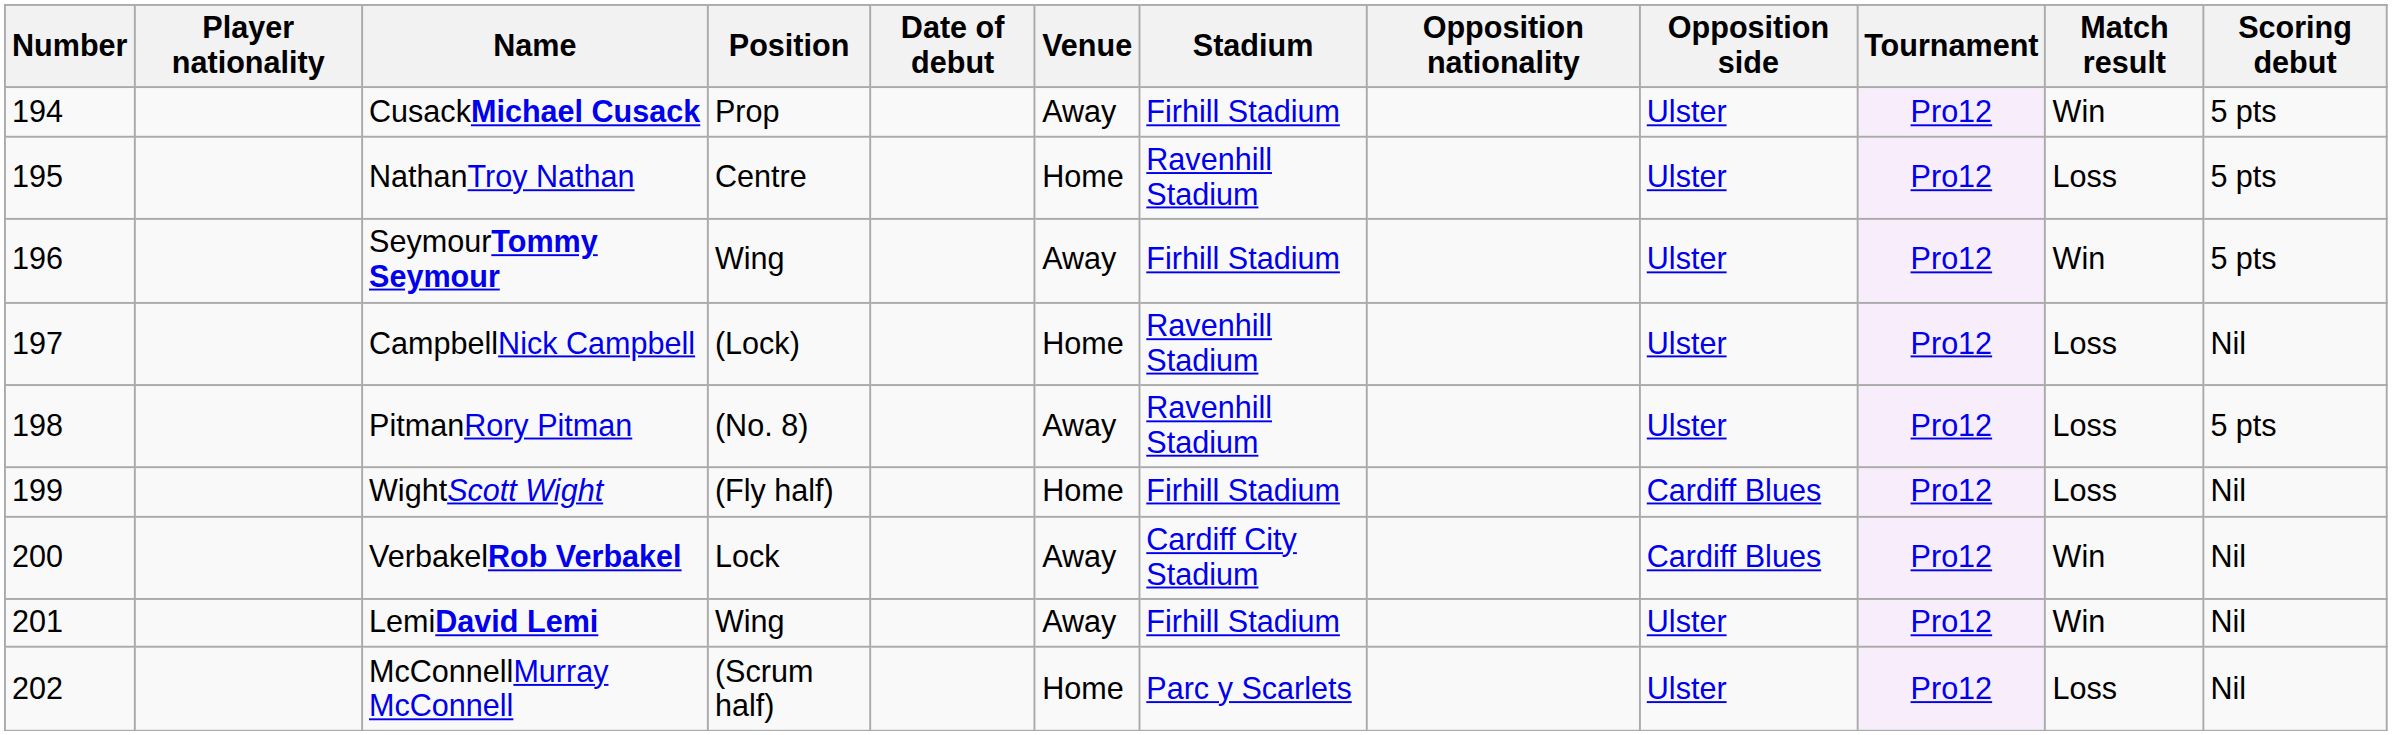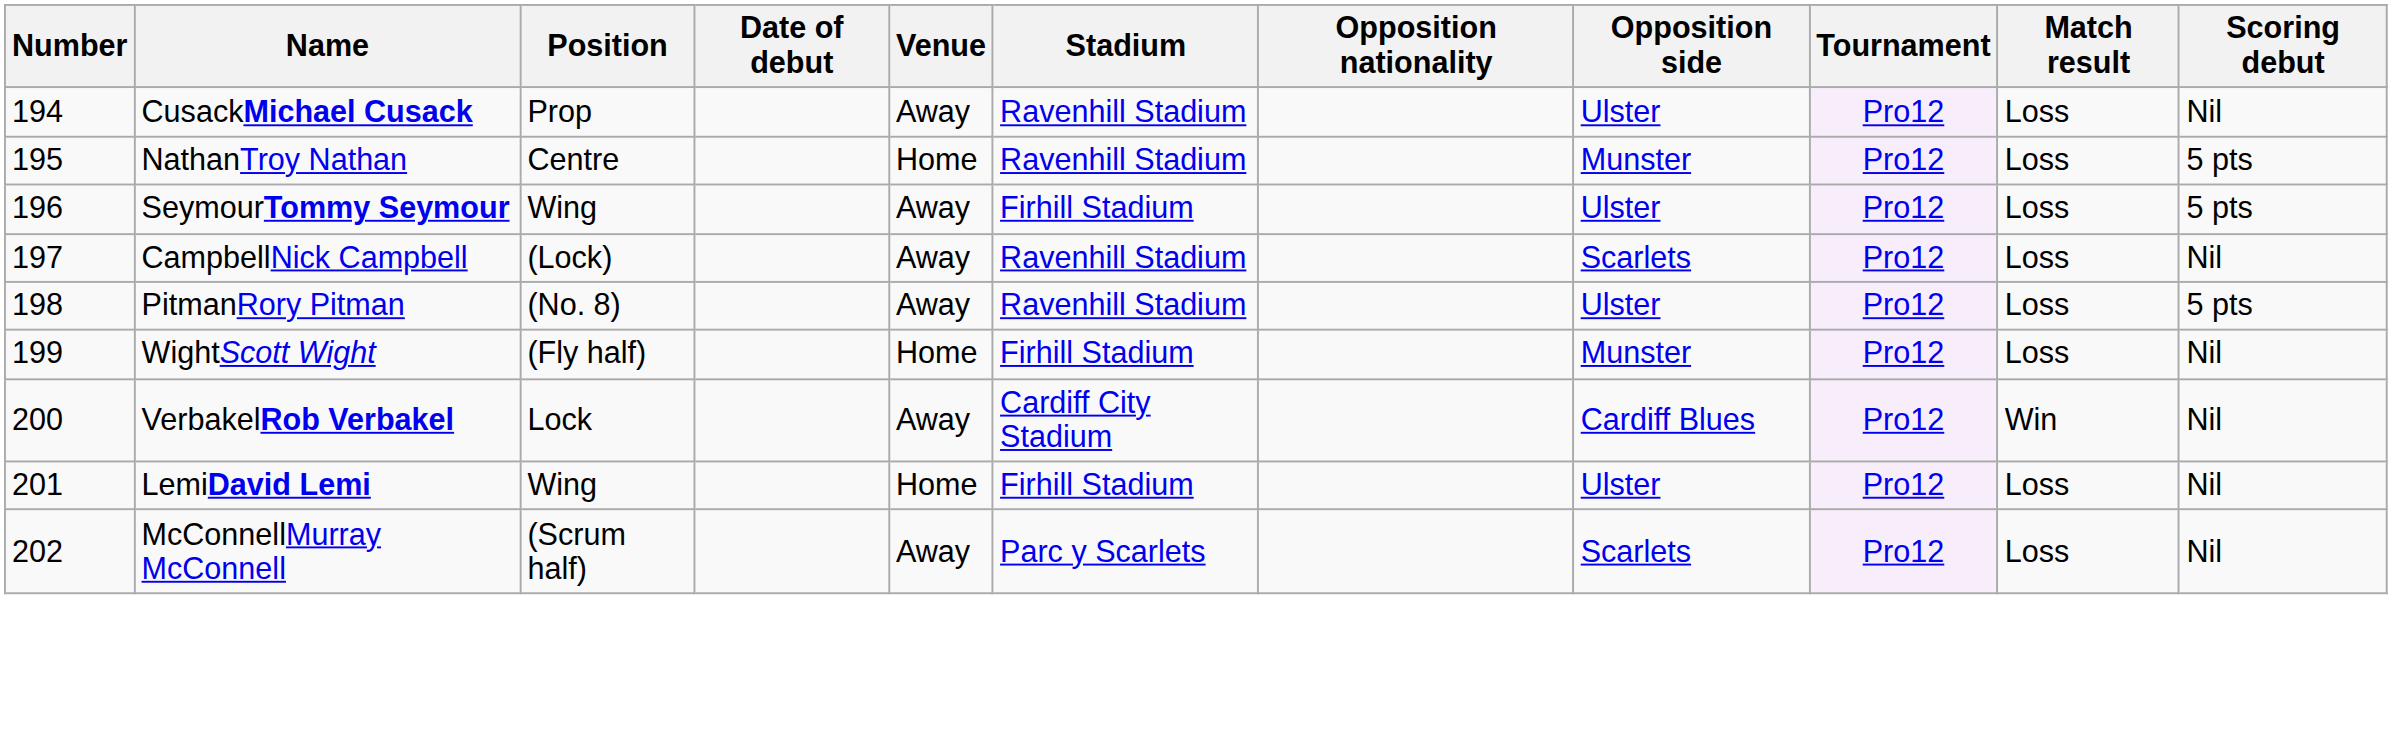 <table class="sortable wikitable">
 <tr>
 <th data-sort-type="number">Number</th>
-<th>Player nationality</th>
 <th>Name</th>
 <th>Position</th>
 <th>Date of debut</th>
 <th>Venue</th>
 <th>Stadium</th>
 <th>Opposition nationality</th>
 <th>Opposition side</th>
 <th>Tournament</th>
 <th>Match result</th>
 <th>Scoring debut</th>
 </tr>
 <tr>
 <td>194</td>
-<td style="text-align:center;"></td>
 <td><span>Cusack</span><strong><a href='#'>Michael Cusack</a></strong></td>
 <td>Prop</td>
 <td></td>
 <td>Away</td>
-<td><a href='#'>Firhill Stadium</a></td>
+<td><a href='#'>Ravenhill Stadium</a></td>
 <td style="text-align:center;"></td>
 <td><a href='#'>Ulster</a></td>
 <td style="text-align:center; background:#F8EDFA;"><a href='#'>Pro12</a></td>
-<td>Win</td>
-<td>5 pts</td>
+<td>Loss</td>
+<td>Nil</td>
 </tr>
 <tr>
 <td>195</td>
-<td style="text-align:center;"></td>
 <td><span>Nathan</span><a href='#'>Troy Nathan</a></td>
 <td>Centre</td>
 <td></td>
 <td>Home</td>
 <td><a href='#'>Ravenhill Stadium</a></td>
 <td style="text-align:center;"></td>
-<td><a href='#'>Ulster</a></td>
+<td><a href='#'>Munster</a></td>
 <td style="text-align:center; background:#F8EDFA;"><a href='#'>Pro12</a></td>
 <td>Loss</td>
 <td>5 pts</td>
 </tr>
 <tr>
 <td>196</td>
-<td style="text-align:center;"></td>
 <td><span>Seymour</span><strong><a href='#'>Tommy Seymour</a></strong></td>
 <td>Wing</td>
 <td></td>
 <td>Away</td>
 <td><a href='#'>Firhill Stadium</a></td>
 <td style="text-align:center;"></td>
 <td><a href='#'>Ulster</a></td>
 <td style="text-align:center; background:#F8EDFA;"><a href='#'>Pro12</a></td>
-<td>Win</td>
+<td>Loss</td>
 <td>5 pts</td>
 </tr>
 <tr>
 <td>197</td>
-<td style="text-align:center;"></td>
 <td><span>Campbell</span><a href='#'>Nick Campbell</a></td>
 <td>(Lock)</td>
 <td></td>
-<td>Home</td>
+<td>Away</td>
 <td><a href='#'>Ravenhill Stadium</a></td>
 <td style="text-align:center;"></td>
-<td><a href='#'>Ulster</a></td>
+<td><a href='#'>Scarlets</a></td>
 <td style="text-align:center; background:#F8EDFA;"><a href='#'>Pro12</a></td>
 <td>Loss</td>
 <td>Nil</td>
 </tr>
 <tr>
 <td>198</td>
-<td style="text-align:center;"></td>
 <td><span>Pitman</span><a href='#'>Rory Pitman</a></td>
 <td>(No. 8)</td>
 <td></td>
 <td>Away</td>
 <td><a href='#'>Ravenhill Stadium</a></td>
 <td style="text-align:center;"></td>
 <td><a href='#'>Ulster</a></td>
 <td style="text-align:center; background:#F8EDFA;"><a href='#'>Pro12</a></td>
 <td>Loss</td>
 <td>5 pts</td>
 </tr>
 <tr>
 <td>199</td>
-<td style="text-align:center;"></td>
 <td><span>Wight</span><em><a href='#'>Scott Wight</a></em></td>
 <td>(Fly half)</td>
 <td></td>
 <td>Home</td>
 <td><a href='#'>Firhill Stadium</a></td>
 <td style="text-align:center;"></td>
-<td><a href='#'>Cardiff Blues</a></td>
+<td><a href='#'>Munster</a></td>
 <td style="text-align:center; background:#F8EDFA;"><a href='#'>Pro12</a></td>
 <td>Loss</td>
 <td>Nil</td>
 </tr>
 <tr>
 <td>200</td>
-<td style="text-align:center;"></td>
 <td><span>Verbakel</span><strong><a href='#'>Rob Verbakel</a></strong></td>
 <td>Lock</td>
 <td></td>
 <td>Away</td>
 <td><a href='#'>Cardiff City Stadium</a></td>
 <td style="text-align:center;"></td>
 <td><a href='#'>Cardiff Blues</a></td>
 <td style="text-align:center; background:#F8EDFA;"><a href='#'>Pro12</a></td>
 <td>Win</td>
 <td>Nil</td>
 </tr>
 <tr>
 <td>201</td>
-<td style="text-align:center;"></td>
 <td><span>Lemi</span><strong><a href='#'>David Lemi</a></strong></td>
 <td>Wing</td>
 <td></td>
-<td>Away</td>
+<td>Home</td>
 <td><a href='#'>Firhill Stadium</a></td>
-<td style="text-align:center;"></td>
-<td><a href='#'>Ulster</a></td>
-<td style="text-align:center; background:#F8EDFA;"><a href='#'>Pro12</a></td>
-<td>Win</td>
-<td>Nil</td>
-</tr>
-<tr>
-<td>202</td>
-<td style="text-align:center;"></td>
-<td><span>McConnell</span><a href='#'>Murray McConnell</a></td>
-<td>(Scrum half)</td>
-<td></td>
-<td>Home</td>
-<td><a href='#'>Parc y Scarlets</a></td>
 <td style="text-align:center;"></td>
 <td><a href='#'>Ulster</a></td>
 <td style="text-align:center; background:#F8EDFA;"><a href='#'>Pro12</a></td>
 <td>Loss</td>
 <td>Nil</td>
 </tr>
+<tr>
+<td>202</td>
+<td><span>McConnell</span><a href='#'>Murray McConnell</a></td>
+<td>(Scrum half)</td>
+<td></td>
+<td>Away</td>
+<td><a href='#'>Parc y Scarlets</a></td>
+<td style="text-align:center;"></td>
+<td><a href='#'>Scarlets</a></td>
+<td style="text-align:center; background:#F8EDFA;"><a href='#'>Pro12</a></td>
+<td>Loss</td>
+<td>Nil</td>
+</tr>
 </table>
